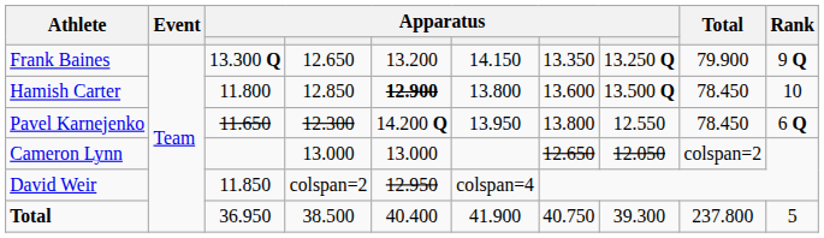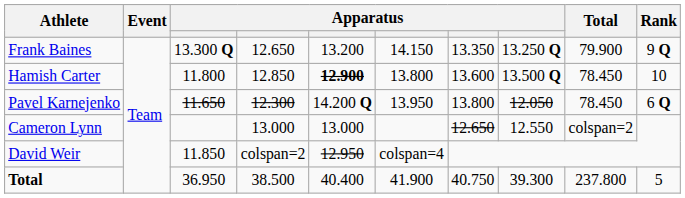 <table class="wikitable" style="font-size:90%; text-align:center">
 <tr>
 <th rowspan=2>Athlete</th>
 <th rowspan=2>Event</th>
 <th colspan=6>Apparatus</th>
 <th rowspan=2>Total</th>
 <th rowspan=2>Rank</th>
 </tr>
 <tr style="font-size:95%">
 <th></th>
 <th></th>
 <th></th>
 <th></th>
 <th></th>
 <th></th>
 </tr>
 <tr>
 <td align=left><a href='#'>Frank Baines</a></td>
 <td align=left rowspan=6><a href='#'>Team</a></td>
 <td>13.300 <strong>Q</strong></td>
 <td>12.650</td>
 <td>13.200</td>
 <td>14.150</td>
 <td>13.350</td>
 <td>13.250 <strong>Q</strong></td>
 <td>79.900</td>
 <td>9 <strong>Q</strong></td>
 </tr>
 <tr>
 <td align=left><a href='#'>Hamish Carter</a></td>
 <td>11.800</td>
 <td>12.850</td>
 <td><strong><s>12.900</s></strong></td>
 <td>13.800</td>
 <td>13.600</td>
 <td>13.500 <strong>Q</strong></td>
 <td>78.450</td>
 <td>10</td>
 </tr>
 <tr>
 <td align=left><a href='#'>Pavel Karnejenko</a></td>
 <td><s>11.650</s></td>
 <td><s>12.300</s></td>
 <td>14.200 <strong>Q</strong></td>
 <td>13.950</td>
 <td>13.800</td>
-<td>12.550</td>
+<td><s>12.050</s></td>
 <td>78.450</td>
 <td>6 <strong>Q</strong></td>
 </tr>
 <tr>
 <td align=left><a href='#'>Cameron Lynn</a></td>
 <td></td>
 <td>13.000</td>
 <td>13.000</td>
 <td></td>
 <td><s>12.650</s></td>
-<td><s>12.050</s></td>
+<td>12.550</td>
 <td>colspan=2 </td>
 </tr>
 <tr>
 <td align=left><a href='#'>David Weir</a></td>
 <td>11.850</td>
 <td>colspan=2 </td>
 <td><s>12.950</s></td>
 <td>colspan=4 </td>
 </tr>
 <tr>
 <td align=left><strong>Total</strong></td>
 <td>36.950</td>
 <td>38.500</td>
 <td>40.400</td>
 <td>41.900</td>
 <td>40.750</td>
 <td>39.300</td>
 <td>237.800</td>
 <td>5</td>
 </tr>
 </table>
